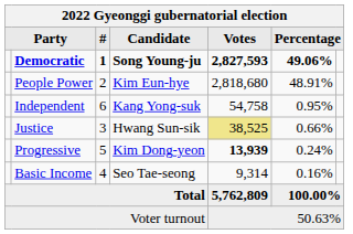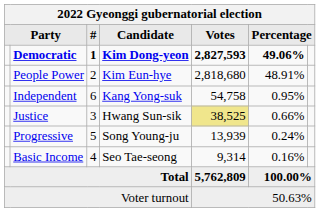 <table class="wikitable">
 <tr>
 <th colspan="7">2022 Gyeonggi gubernatorial election</th>
 </tr>
 <tr>
 <th style="background-color:#E9E9E9" colspan=2>Party</th>
 <th style="background-color:#E9E9E9">#</th>
 <th style="background-color:#E9E9E9">Candidate</th>
 <th style="background-color:#E9E9E9">Votes</th>
 <th style="background-color:#E9E9E9" colspan=2>Percentage</th>
 </tr>
 <tr style="font-weight:bold">
 <td></td>
 <td align=left><a href='#'>Democratic</a></td>
 <td align=center>1</td>
-<td align=left>Song Young-ju</td>
+<td align=left><a href='#'>Kim Dong-yeon</a></td>
 <td align=right>2,827,593</td>
 <td align=right>49.06%</td>
 <td align=right></td>
 </tr>
 <tr>
 <td></td>
 <td align=left><a href='#'>People Power</a></td>
 <td align=center>2</td>
 <td align=left><a href='#'>Kim Eun-hye</a></td>
 <td align=right>2,818,680</td>
 <td align=right>48.91%</td>
 <td align=right></td>
 </tr>
 <tr>
 <td></td>
 <td align=left><a href='#'>Independent</a></td>
 <td align=center>6</td>
 <td align=left><a href='#'>Kang Yong-suk</a></td>
 <td align=right>54,758</td>
 <td align=right>0.95%</td>
 <td align=right></td>
 </tr>
 <tr>
 <td></td>
 <td align=left><a href='#'>Justice</a></td>
 <td align=center>3</td>
 <td align=left>Hwang Sun-sik</td>
 <td align=right style="background: khaki;">38,525</td>
 <td align=right>0.66%</td>
 <td align=right></td>
 </tr>
 <tr>
 <td></td>
 <td align=left><a href='#'>Progressive</a></td>
 <td align=center>5</td>
-<td align=left><a href='#'>Kim Dong-yeon</a></td>
-<td align=right><strong>13,939</strong></td>
+<td align=left>Song Young-ju</td>
+<td align=right>13,939</td>
 <td align=right>0.24%</td>
 <td align=right></td>
 </tr>
 <tr>
 <td></td>
 <td align=left><a href='#'>Basic Income</a></td>
 <td align=center>4</td>
 <td align=left>Seo Tae-seong</td>
 <td align=right>9,314</td>
 <td align=right>0.16%</td>
 <td align=right></td>
 </tr>
 <tr bgcolor="#EEEEEE" style="font-weight:bold">
 <td colspan="4" align=right>Total</td>
 <td align=right>5,762,809</td>
 <td align=right colspan=2>100.00%</td>
 </tr>
 <tr bgcolor="#EEEEEE">
 <td colspan="4" align="right">Voter turnout</td>
 <td colspan="3" align="right">50.63%</td>
 </tr>
 </table>
